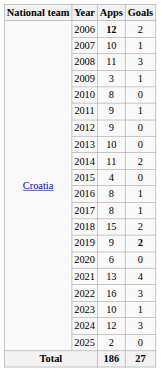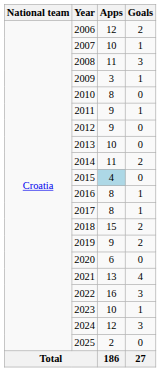 <table class="wikitable" style="text-align: center;">
 <tr>
 <th>National team</th>
 <th>Year</th>
 <th>Apps</th>
 <th>Goals</th>
 </tr>
 <tr>
 <td rowspan="20"><a href='#'>Croatia</a></td>
 <td>2006</td>
-<td><strong>12</strong></td>
+<td>12</td>
 <td>2</td>
 </tr>
 <tr>
 <td>2007</td>
 <td>10</td>
 <td>1</td>
 </tr>
 <tr>
 <td>2008</td>
 <td>11</td>
 <td>3</td>
 </tr>
 <tr>
 <td>2009</td>
 <td>3</td>
 <td>1</td>
 </tr>
 <tr>
 <td>2010</td>
 <td>8</td>
 <td>0</td>
 </tr>
 <tr>
 <td>2011</td>
 <td>9</td>
 <td>1</td>
 </tr>
 <tr>
 <td>2012</td>
 <td>9</td>
 <td>0</td>
 </tr>
 <tr>
 <td>2013</td>
 <td>10</td>
 <td>0</td>
 </tr>
 <tr>
 <td>2014</td>
 <td>11</td>
 <td>2</td>
 </tr>
 <tr>
 <td>2015</td>
-<td>4</td>
+<td style="background: lightblue;">4</td>
 <td>0</td>
 </tr>
 <tr>
 <td>2016</td>
 <td>8</td>
 <td>1</td>
 </tr>
 <tr>
 <td>2017</td>
 <td>8</td>
 <td>1</td>
 </tr>
 <tr>
 <td>2018</td>
 <td>15</td>
 <td>2</td>
 </tr>
 <tr>
 <td>2019</td>
 <td>9</td>
-<td><strong>2</strong></td>
+<td>2</td>
 </tr>
 <tr>
 <td>2020</td>
 <td>6</td>
 <td>0</td>
 </tr>
 <tr>
 <td>2021</td>
 <td>13</td>
 <td>4</td>
 </tr>
 <tr>
 <td>2022</td>
 <td>16</td>
 <td>3</td>
 </tr>
 <tr>
 <td>2023</td>
 <td>10</td>
 <td>1</td>
 </tr>
 <tr>
 <td>2024</td>
 <td>12</td>
 <td>3</td>
 </tr>
 <tr>
 <td>2025</td>
 <td>2</td>
 <td>0</td>
 </tr>
 <tr>
 <th colspan="2">Total</th>
 <th>186</th>
 <th>27</th>
 </tr>
 </table>
